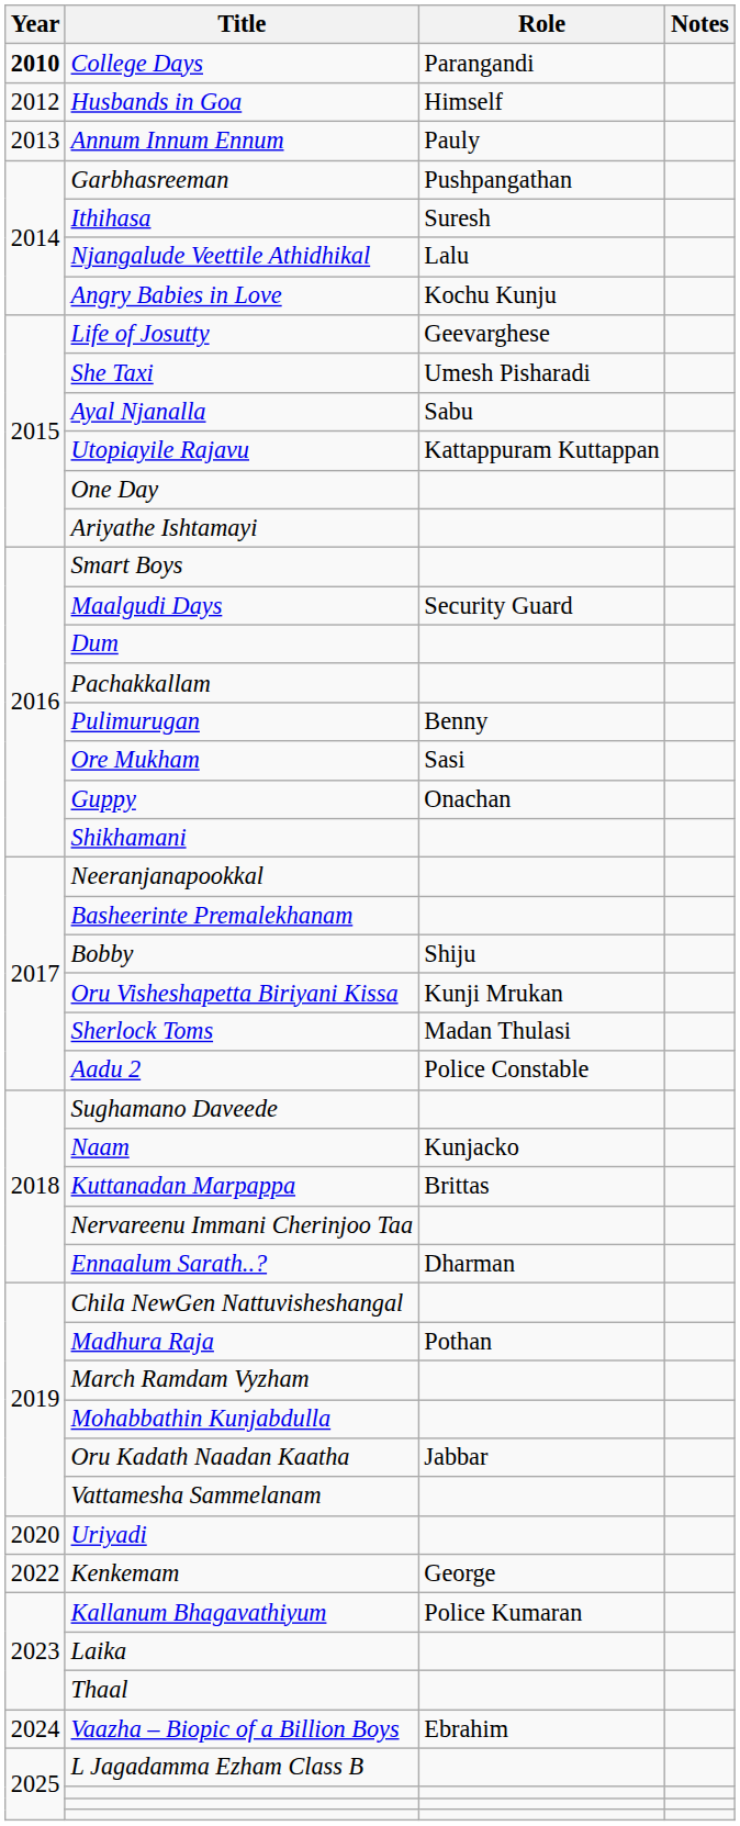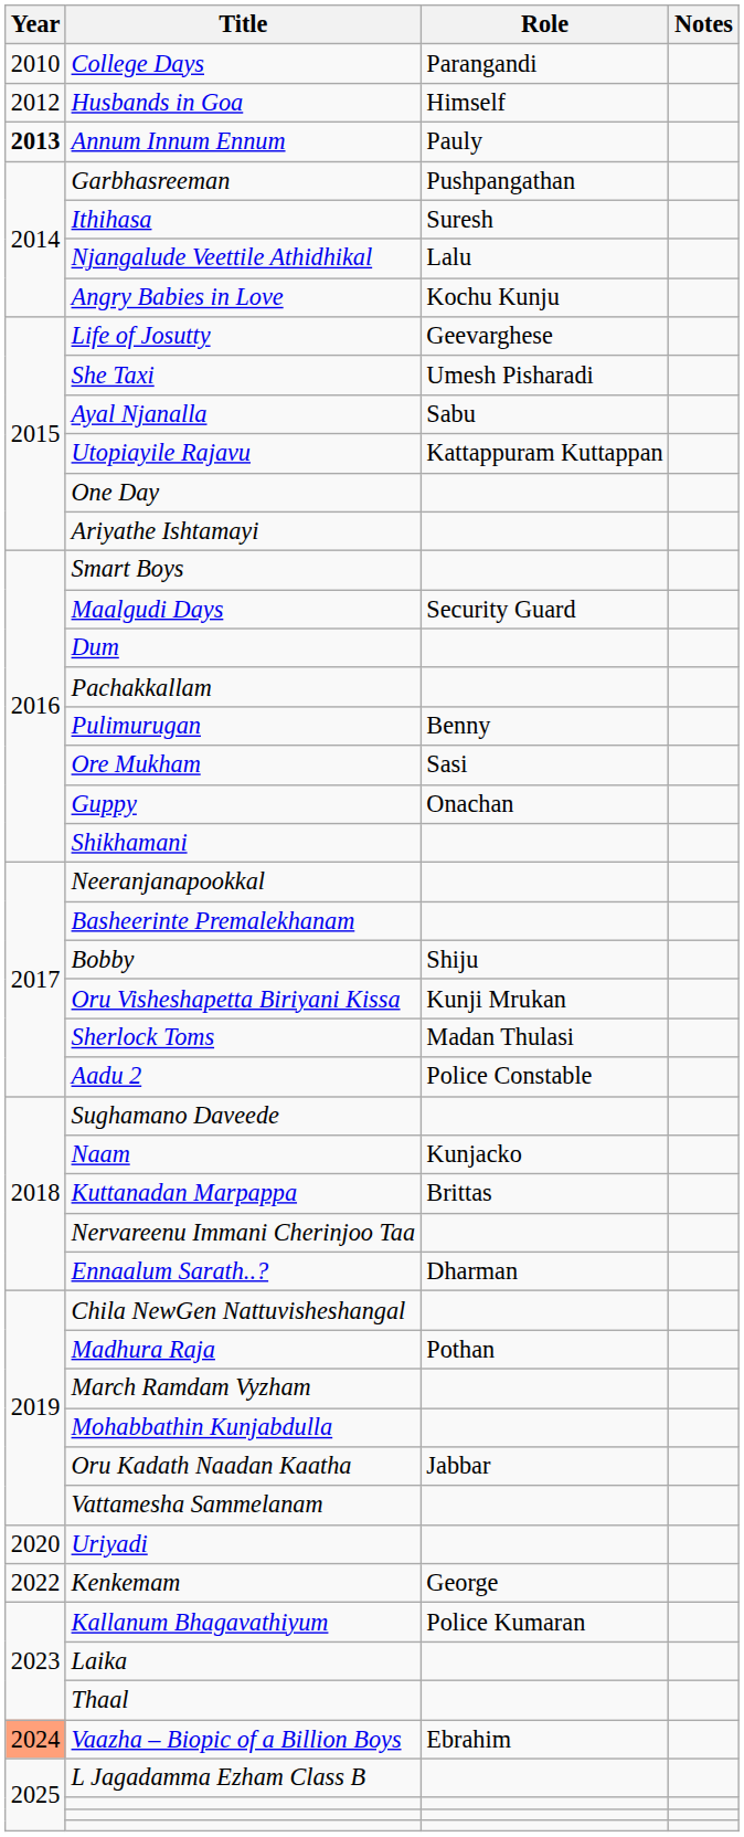 <table class="wikitable sortable">
 <tr>
 <th>Year</th>
 <th>Title</th>
 <th>Role</th>
 <th class="unsortable">Notes</th>
 </tr>
 <tr>
-<td><strong>2010</strong></td>
+<td>2010</td>
 <td><em><a href='#'>College Days</a></em></td>
 <td>Parangandi</td>
 <td></td>
 </tr>
 <tr>
 <td>2012</td>
 <td><em><a href='#'>Husbands in Goa</a></em></td>
 <td>Himself</td>
 <td></td>
 </tr>
 <tr>
-<td>2013</td>
+<td><strong>2013</strong></td>
 <td><em><a href='#'>Annum Innum Ennum</a></em></td>
 <td>Pauly</td>
 <td></td>
 </tr>
 <tr>
 <td rowspan=4>2014</td>
 <td><em>Garbhasreeman </em></td>
 <td>Pushpangathan</td>
 <td></td>
 </tr>
 <tr>
 <td><em><a href='#'>Ithihasa</a></em></td>
 <td>Suresh</td>
 <td></td>
 </tr>
 <tr>
 <td><em><a href='#'>Njangalude Veettile Athidhikal</a></em></td>
 <td>Lalu</td>
 <td></td>
 </tr>
 <tr>
 <td><em><a href='#'>Angry Babies in Love</a></em></td>
 <td>Kochu Kunju</td>
 <td></td>
 </tr>
 <tr>
 <td rowspan=6>2015</td>
 <td><em><a href='#'>Life of Josutty</a></em></td>
 <td>Geevarghese</td>
 <td></td>
 </tr>
 <tr>
 <td><em><a href='#'>She Taxi</a></em></td>
 <td>Umesh Pisharadi</td>
 <td></td>
 </tr>
 <tr>
 <td><em><a href='#'>Ayal Njanalla</a></em></td>
 <td>Sabu</td>
 <td></td>
 </tr>
 <tr>
 <td><em><a href='#'>Utopiayile Rajavu</a></em></td>
 <td>Kattappuram Kuttappan</td>
 <td></td>
 </tr>
 <tr>
 <td><em>One Day</em></td>
 <td></td>
 <td></td>
 </tr>
 <tr>
 <td><em>Ariyathe Ishtamayi</em></td>
 <td></td>
 <td></td>
 </tr>
 <tr>
 <td rowspan=8>2016</td>
 <td><em>Smart Boys</em></td>
 <td></td>
 <td></td>
 </tr>
 <tr>
 <td><em><a href='#'>Maalgudi Days</a></em></td>
 <td>Security Guard</td>
 <td></td>
 </tr>
 <tr>
 <td><em><a href='#'>Dum</a></em></td>
 <td></td>
 <td></td>
 </tr>
 <tr>
 <td><em>Pachakkallam</em></td>
 <td></td>
 <td></td>
 </tr>
 <tr>
 <td><em><a href='#'>Pulimurugan</a></em></td>
 <td>Benny</td>
 <td></td>
 </tr>
 <tr>
 <td><em><a href='#'>Ore Mukham</a></em></td>
 <td>Sasi</td>
 <td></td>
 </tr>
 <tr>
 <td><em><a href='#'>Guppy</a></em></td>
 <td>Onachan</td>
 <td></td>
 </tr>
 <tr>
 <td><em><a href='#'>Shikhamani</a></em></td>
 <td></td>
 <td></td>
 </tr>
 <tr>
 <td rowspan=6>2017</td>
 <td><em>Neeranjanapookkal</em></td>
 <td></td>
 <td></td>
 </tr>
 <tr>
 <td><em><a href='#'>Basheerinte Premalekhanam</a></em></td>
 <td></td>
 <td></td>
 </tr>
 <tr>
 <td><em>Bobby</em></td>
 <td>Shiju</td>
 <td></td>
 </tr>
 <tr>
 <td><em><a href='#'>Oru Visheshapetta Biriyani Kissa</a></em></td>
 <td>Kunji Mrukan</td>
 <td></td>
 </tr>
 <tr>
 <td><em><a href='#'>Sherlock Toms</a></em></td>
 <td>Madan Thulasi</td>
 <td></td>
 </tr>
 <tr>
 <td><em><a href='#'>Aadu 2</a></em></td>
 <td>Police Constable</td>
 <td></td>
 </tr>
 <tr>
 <td rowspan="5">2018</td>
 <td><em>Sughamano Daveede</em></td>
 <td></td>
 <td></td>
 </tr>
 <tr>
 <td><em><a href='#'>Naam</a></em></td>
 <td>Kunjacko</td>
 <td></td>
 </tr>
 <tr>
 <td><a href='#'><em>Kuttanadan Marpappa</em></a></td>
 <td>Brittas</td>
 <td></td>
 </tr>
 <tr>
 <td><em>Nervareenu Immani Cherinjoo Taa</em></td>
 <td></td>
 <td></td>
 </tr>
 <tr>
 <td><a href='#'><em>Ennaalum Sarath..?</em></a></td>
 <td>Dharman</td>
 <td></td>
 </tr>
 <tr>
 <td rowspan="6">2019</td>
 <td><em>Chila NewGen Nattuvisheshangal</em></td>
 <td></td>
 <td></td>
 </tr>
 <tr>
 <td><em><a href='#'>Madhura Raja</a></em></td>
 <td>Pothan</td>
 <td></td>
 </tr>
 <tr>
 <td><em>March Ramdam Vyzham</em></td>
 <td></td>
 <td></td>
 </tr>
 <tr>
 <td><a href='#'><em>Mohabbathin Kunjabdulla</em></a></td>
 <td></td>
 <td></td>
 </tr>
 <tr>
 <td><em>Oru Kadath Naadan Kaatha</em></td>
 <td>Jabbar</td>
 <td></td>
 </tr>
 <tr>
 <td><em>Vattamesha Sammelanam</em></td>
 <td></td>
 <td></td>
 </tr>
 <tr>
 <td>2020</td>
 <td><em><a href='#'>Uriyadi</a></em></td>
 <td></td>
 <td></td>
 </tr>
 <tr>
 <td>2022</td>
 <td><em>Kenkemam</em></td>
 <td>George</td>
 <td></td>
 </tr>
 <tr>
 <td rowspan=3>2023</td>
 <td><em><a href='#'>Kallanum Bhagavathiyum</a></em></td>
 <td>Police Kumaran</td>
 <td></td>
 </tr>
 <tr>
 <td><em>Laika</em></td>
 <td></td>
 <td></td>
 </tr>
 <tr>
 <td><em>Thaal</em></td>
 <td></td>
 <td></td>
 </tr>
 <tr>
-<td>2024</td>
+<td style="background: lightsalmon;">2024</td>
 <td><em><a href='#'>Vaazha – Biopic of a Billion Boys</a></em></td>
 <td>Ebrahim</td>
 <td></td>
 </tr>
 <tr>
 <td rowspan=4>2025</td>
 <td><em>L Jagadamma Ezham Class B</em></td>
 <td></td>
 <td></td>
 </tr>
 <tr>
 <td></td>
 <td></td>
 <td></td>
 </tr>
 <tr>
 <td></td>
 <td></td>
 <td></td>
 </tr>
 <tr>
 <td></td>
 <td></td>
 <td></td>
 </tr>
 </table>
